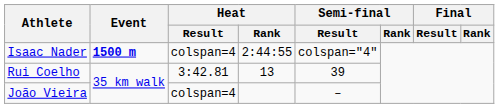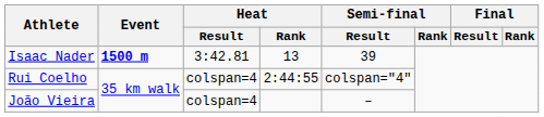 <table class="wikitable" style="font-size:90%">
 <tr>
 <th rowspan="2">Athlete</th>
 <th rowspan="2">Event</th>
 <th colspan="2">Heat</th>
 <th colspan="2">Semi-final</th>
 <th colspan="2">Final</th>
 </tr>
 <tr style="font-size:95%">
 <th>Result</th>
 <th>Rank</th>
 <th>Result</th>
 <th>Rank</th>
 <th>Result</th>
 <th>Rank</th>
 </tr>
 <tr align=center>
 <td align="left"><a href='#'>Isaac Nader</a></td>
 <td align="left"><strong><a href='#'>1500 m</a></strong></td>
-<td>colspan=4 </td>
-<td>2:44:55 </td>
-<td>colspan="4" </td>
+<td>3:42.81</td>
+<td>13</td>
+<td>39</td>
 </tr>
 <tr align=center>
 <td align="left"><a href='#'>Rui Coelho</a></td>
 <td rowspan="2" align="left"><a href='#'>35 km walk</a></td>
-<td>3:42.81</td>
-<td>13</td>
-<td>39</td>
+<td>colspan=4 </td>
+<td>2:44:55 </td>
+<td>colspan="4" </td>
 </tr>
 <tr align=center>
 <td align="left"><a href='#'>João Vieira</a></td>
 <td>colspan=4 </td>
 <td></td>
 <td>–</td>
 </tr>
 </table>
